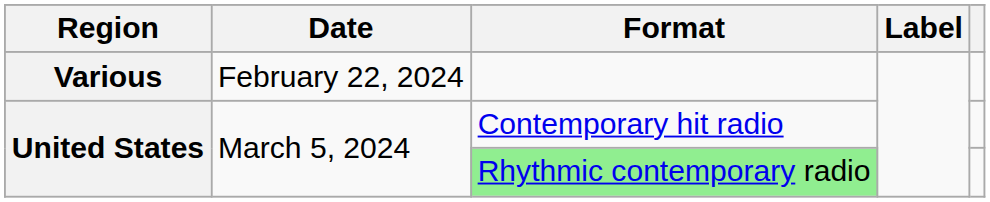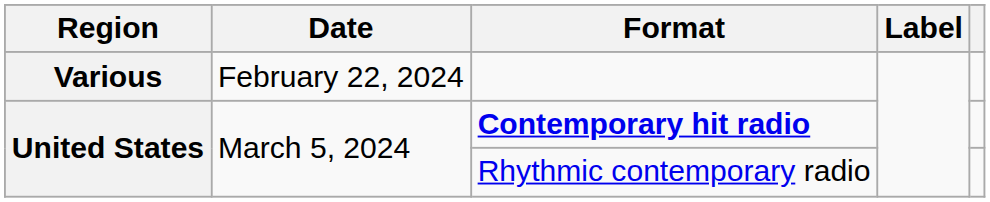 <table class="wikitable plainrowheaders">
 <tr>
 <th scope="col">Region</th>
 <th scope="col">Date</th>
 <th scope="col">Format</th>
 <th scope="col">Label</th>
 <th scope="col"></th>
 </tr>
 <tr>
 <th scope="row">Various</th>
 <td>February 22, 2024</td>
 <td></td>
 <td rowspan="3"></td>
 <td style="text-align:center"></td>
 </tr>
 <tr>
 <th rowspan="2" scope="row">United States</th>
 <td rowspan="2">March 5, 2024</td>
-<td><a href='#'>Contemporary hit radio</a></td>
+<td><strong><a href='#'>Contemporary hit radio</a></strong></td>
 <td style="text-align:center"></td>
 </tr>
 <tr>
-<td style="background: lightgreen;"><a href='#'>Rhythmic contemporary</a> radio</td>
+<td><a href='#'>Rhythmic contemporary</a> radio</td>
 <td style="text-align:center"></td>
 </tr>
 </table>
